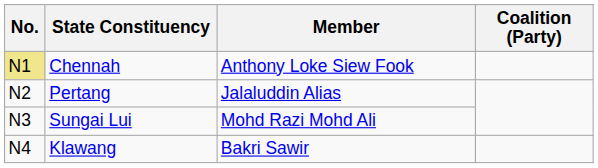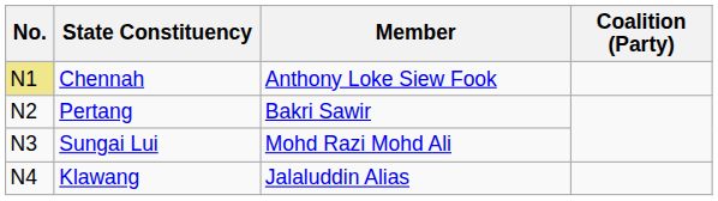 <table class="wikitable">
 <tr>
 <th width="30">No.</th>
 <th width="150">State Constituency</th>
 <th width="230">Member</th>
 <th width="100">Coalition (Party)</th>
 </tr>
 <tr>
 <td style="background: khaki;">N1</td>
 <td><a href='#'>Chennah</a></td>
 <td><a href='#'>Anthony Loke Siew Fook</a></td>
 <td></td>
 </tr>
 <tr>
 <td>N2</td>
 <td><a href='#'>Pertang</a></td>
-<td><a href='#'>Jalaluddin Alias</a></td>
+<td><a href='#'>Bakri Sawir</a></td>
 <td rowspan=2></td>
 </tr>
 <tr>
 <td>N3</td>
 <td><a href='#'>Sungai Lui</a></td>
 <td><a href='#'>Mohd Razi Mohd Ali</a></td>
 </tr>
 <tr>
 <td>N4</td>
 <td><a href='#'>Klawang</a></td>
-<td><a href='#'>Bakri Sawir</a></td>
+<td><a href='#'>Jalaluddin Alias</a></td>
 <td></td>
 </tr>
 </table>
